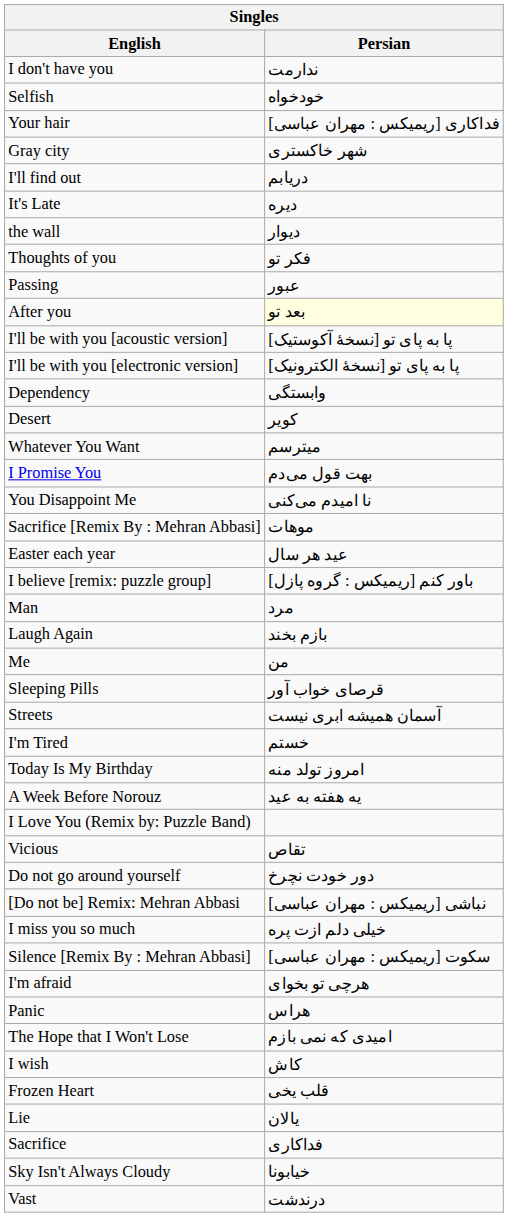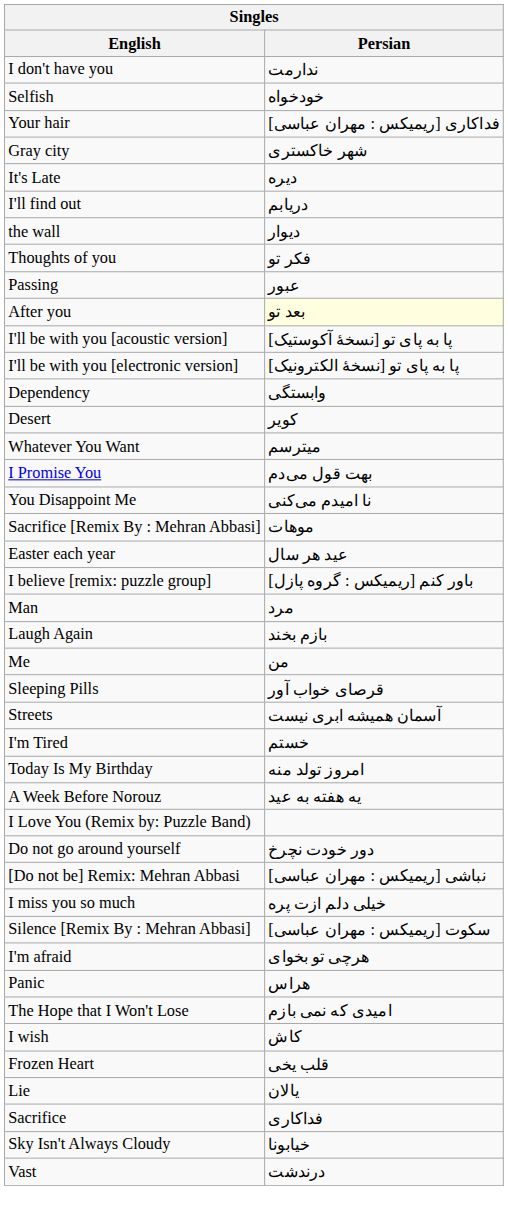 <table class="wikitable">
 <tr style="text-align:center;">
 <th colspan="2">Singles</th>
 </tr>
 <tr style="text-align:center;">
 <th>English</th>
 <th>Persian</th>
 </tr>
 <tr>
 <td>I don't have you</td>
 <td>ندارمت</td>
 </tr>
 <tr>
 <td>Selfish</td>
 <td>خودخواه</td>
 </tr>
 <tr>
 <td>Your hair</td>
 <td>[فداکاری [ریمیکس : مهران عباسی</td>
 </tr>
 <tr>
 <td>Gray city</td>
 <td>شهر خاکستری</td>
 </tr>
 <tr>
+<td>It's Late</td>
+<td>دیره</td>
+</tr>
+<tr>
 <td>I'll find out</td>
 <td>دریابم</td>
-</tr>
-<tr>
-<td>It's Late</td>
-<td>دیره</td>
 </tr>
 <tr>
 <td>the wall</td>
 <td>دیوار</td>
 </tr>
 <tr>
 <td>Thoughts of you</td>
 <td>فکر تو</td>
 </tr>
 <tr دریابم feel me>
 <td>Passing</td>
 <td>عبور</td>
 </tr>
 <tr>
 <td>After you</td>
 <td style="background: lightyellow;">بعد تو</td>
 </tr>
 <tr>
 <td>I'll be with you [acoustic version]</td>
 <td>پا به پای تو  [نسخۀ آکوستیک]</td>
 </tr>
 <tr>
 <td>I'll be with you [electronic version]</td>
 <td>پا به پای تو  [نسخۀ الکترونیک]</td>
 </tr>
 <tr>
 <td>Dependency</td>
 <td>وابستگی</td>
 </tr>
 <tr>
 <td>Desert</td>
 <td>کویر</td>
 </tr>
 <tr>
 <td>Whatever You Want</td>
 <td>میترسم</td>
 </tr>
 <tr>
 <td><a href='#'>I Promise You</a></td>
 <td>بهت قول می‌دم</td>
 </tr>
 <tr>
 <td>You Disappoint Me</td>
 <td>نا امیدم می‌کنی</td>
 </tr>
 <tr>
 <td>Sacrifice [Remix By : Mehran Abbasi]</td>
 <td>موهات</td>
 </tr>
 <tr>
 <td>Easter each year</td>
 <td>عید هر سال</td>
 </tr>
 <tr>
 <td>I believe [remix: puzzle group]</td>
 <td>باور کنم [ریمیکس : گروه پازل]</td>
 </tr>
 <tr>
 <td>Man</td>
 <td>مرد</td>
 </tr>
 <tr>
 <td>Laugh Again</td>
 <td>بازم بخند</td>
 </tr>
 <tr>
 <td>Me</td>
 <td>من</td>
 </tr>
 <tr>
 <td>Sleeping Pills</td>
 <td>قرصای خواب آور</td>
 </tr>
 <tr>
 <td>Streets</td>
 <td>آسمان همیشه ابری نیست</td>
 </tr>
 <tr>
 <td>I'm Tired</td>
 <td>خستم</td>
 </tr>
 <tr>
 <td>Today Is My Birthday</td>
 <td>امروز تولد منه</td>
 </tr>
 <tr>
 <td>A Week Before Norouz</td>
 <td>یه هفته به عید</td>
 </tr>
 <tr>
 <td>I Love You (Remix by: Puzzle Band)</td>
 <td></td>
 </tr>
 <tr>
-<td>Vicious</td>
-<td>تقاص</td>
-</tr>
-<tr>
 <td>Do not go around yourself</td>
 <td>دور خودت نچرخ</td>
 </tr>
 <tr>
 <td>[Do not be] Remix: Mehran Abbasi</td>
 <td>[نباشی [ریمیکس : مهران عباسی</td>
 </tr>
 <tr>
 <td>I miss you so much</td>
 <td>خیلی دلم ازت پره</td>
 </tr>
 <tr>
 <td>Silence [Remix By : Mehran Abbasi]</td>
 <td>سکوت [ریمیکس : مهران عباسی]</td>
 </tr>
 <tr>
 <td>I'm afraid</td>
 <td>هرچی تو بخوای</td>
 </tr>
 <tr>
 <td>Panic</td>
 <td>هراس</td>
 </tr>
 <tr>
 <td>The Hope that I Won't Lose</td>
 <td>امیدی که نمی بازم</td>
 </tr>
 <tr>
 <td>I wish</td>
 <td>کاش</td>
 </tr>
 <tr>
 <td>Frozen Heart</td>
 <td>قلب یخی</td>
 </tr>
 <tr>
 <td>Lie</td>
 <td>یالان</td>
 </tr>
 <tr>
 <td>Sacrifice</td>
 <td>فداکاری</td>
 </tr>
 <tr>
 <td>Sky Isn't Always Cloudy</td>
 <td>خیابونا</td>
 </tr>
 <tr>
 <td>Vast</td>
 <td>درندشت</td>
 </tr>
 </table>
